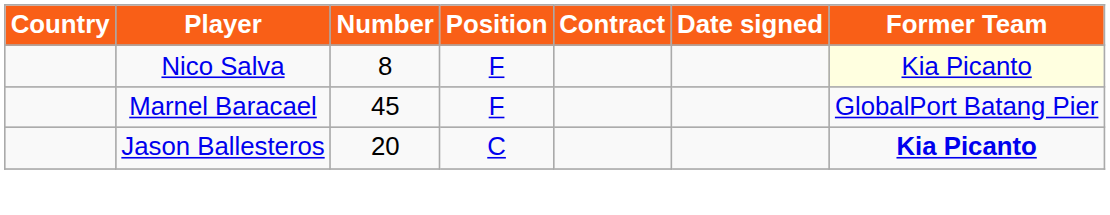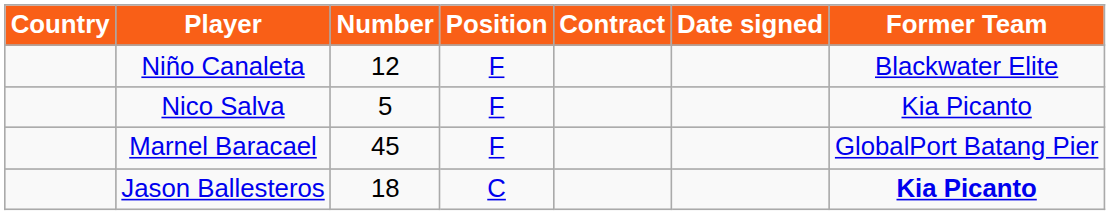 <table class="wikitable sortable sortable">
 <tr>
 <th style="background:#F95F17; color:#FFFFFF; ">Country</th>
 <th style="background:#F95F17; color:#FFFFFF; ">Player</th>
 <th style="background:#F95F17; color:#FFFFFF; ">Number</th>
 <th style="background:#F95F17; color:#FFFFFF; ">Position</th>
 <th style="background:#F95F17; color:#FFFFFF; ">Contract</th>
 <th style="background:#F95F17; color:#FFFFFF; ">Date signed</th>
 <th style="background:#F95F17; color:#FFFFFF; ">Former Team</th>
 </tr>
 <tr>
 <td align=center></td>
-<td align=center><a href='#'>Nico Salva</a></td>
-<td align=center>8</td>
+<td align=center><a href='#'>Niño Canaleta</a></td>
+<td align=center>12</td>
 <td align=center><a href='#'>F</a></td>
 <td></td>
 <td></td>
-<td align=center style="background: lightyellow;"><a href='#'>Kia Picanto</a></td>
+<td align=center><a href='#'>Blackwater Elite</a></td>
+</tr>
+<tr>
+<td align=center></td>
+<td align=center><a href='#'>Nico Salva</a></td>
+<td align=center>5</td>
+<td align=center><a href='#'>F</a></td>
+<td></td>
+<td></td>
+<td align=center><a href='#'>Kia Picanto</a></td>
 </tr>
 <tr>
 <td align=center></td>
 <td align=center><a href='#'>Marnel Baracael</a></td>
 <td align=center>45</td>
 <td align=center><a href='#'>F</a></td>
 <td></td>
 <td></td>
 <td align=center><a href='#'>GlobalPort Batang Pier</a></td>
 </tr>
 <tr>
 <td align=center></td>
 <td align=center><a href='#'>Jason Ballesteros</a></td>
-<td align=center>20</td>
+<td align=center>18</td>
 <td align=center><a href='#'>C</a></td>
 <td></td>
 <td></td>
 <td align=center><strong><a href='#'>Kia Picanto</a></strong></td>
 </tr>
 </table>
